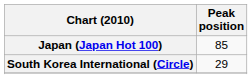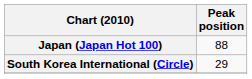 <table class="wikitable sortable plainrowheaders" style="text-align: center;">
 <tr>
 <th>Chart (2010)</th>
 <th>Peak<br>position</th>
 </tr>
 <tr>
 <th scope="row">Japan (<a href='#'>Japan Hot 100</a>)</th>
-<td style="text-align:center">85</td>
+<td style="text-align:center">88</td>
 </tr>
 <tr>
 <th scope="row">South Korea International (<a href='#'>Circle</a>)</th>
 <td style="text-align:center;">29</td>
 </tr>
 <tr>
 </tr>
 <tr>
 </tr>
 </table>
